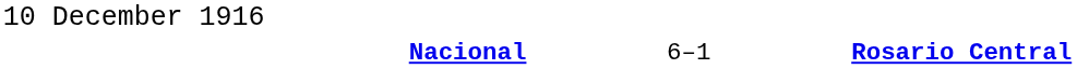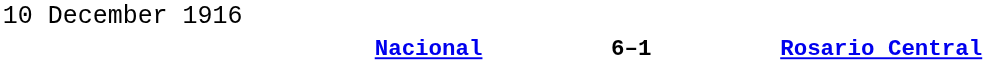 <table width=100% cellspacing=1>
 <tr>
 <th width=20%></th>
 <th width=12%></th>
 <th width=20%></th>
 <th></th>
 </tr>
 <tr>
 <td>10 December 1916</td>
 </tr>
 <tr style=font-size:90%>
 <td align=right><strong> <a href='#'>Nacional</a></strong></td>
-<td align=center>6–1</td>
+<td align=center><strong>6–1</strong></td>
 <td><strong> <a href='#'>Rosario Central</a></strong></td>
 <td></td>
 </tr>
 <tr>
 </tr>
 </table>
